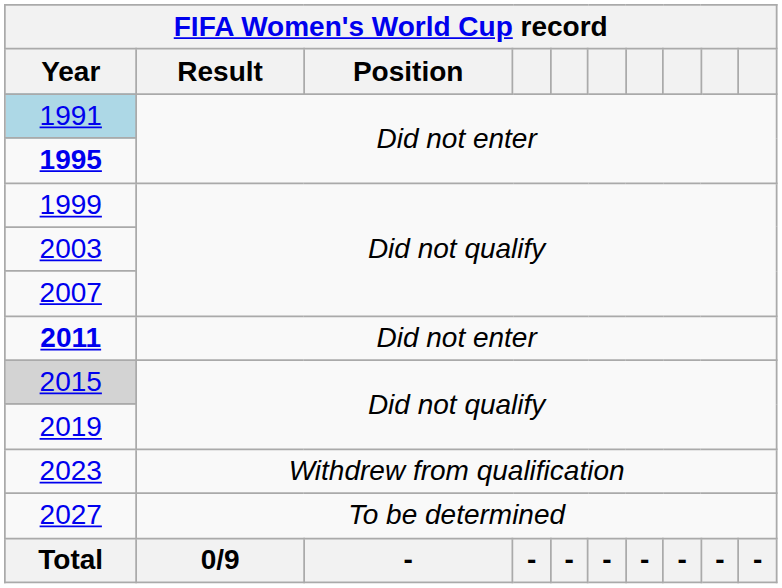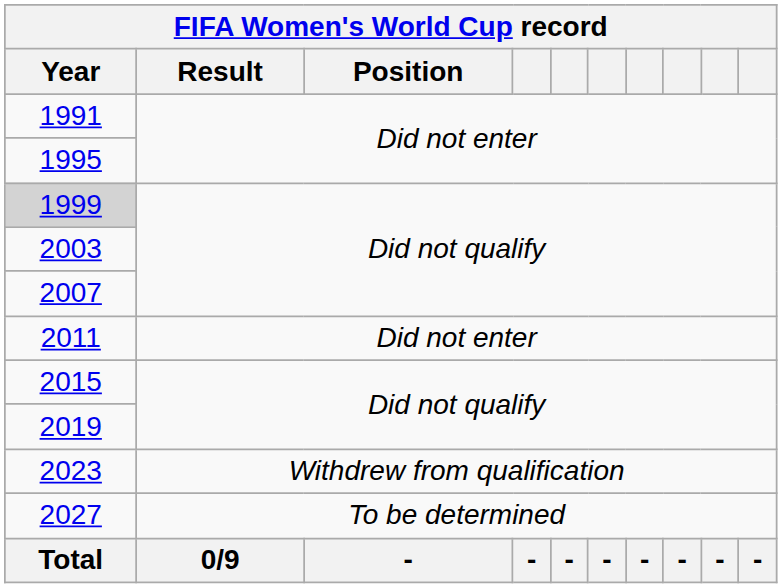 <table class="wikitable" style="text-align: center; width:50%;">
 <tr>
 <th colspan="10" #0000FF;><a href='#'>FIFA Women's World Cup</a> record</th>
 </tr>
 <tr>
 <th>Year</th>
 <th>Result</th>
 <th>Position</th>
 <th></th>
 <th></th>
 <th></th>
 <th></th>
 <th></th>
 <th></th>
 <th></th>
 </tr>
 <tr>
-<td style="background: lightblue;"> <a href='#'>1991</a></td>
+<td> <a href='#'>1991</a></td>
 <td colspan=9 rowspan=2><em>Did not enter</em></td>
 </tr>
 <tr>
-<td><strong> <a href='#'>1995</a></strong></td>
+<td> <a href='#'>1995</a></td>
 </tr>
 <tr>
-<td> <a href='#'>1999</a></td>
+<td style="background: lightgrey;"> <a href='#'>1999</a></td>
 <td colspan=9 rowspan=3><em>Did not qualify</em></td>
 </tr>
 <tr>
 <td> <a href='#'>2003</a></td>
 </tr>
 <tr>
 <td> <a href='#'>2007</a></td>
 </tr>
 <tr>
-<td><strong> <a href='#'>2011</a></strong></td>
+<td> <a href='#'>2011</a></td>
 <td colspan=9><em>Did not enter</em></td>
 </tr>
 <tr>
-<td style="background: lightgrey;"> <a href='#'>2015</a></td>
+<td> <a href='#'>2015</a></td>
 <td colspan=9 rowspan=2><em>Did not qualify</em></td>
 </tr>
 <tr>
 <td> <a href='#'>2019</a></td>
 </tr>
 <tr>
 <td> <a href='#'>2023</a></td>
 <td colspan=9><em>Withdrew from qualification</em></td>
 </tr>
 <tr>
 <td> <a href='#'>2027</a></td>
 <td colspan=9><em>To be determined</em></td>
 </tr>
 <tr>
 <th><strong>Total</strong></th>
 <th>0/9</th>
 <th>-</th>
 <th>-</th>
 <th>-</th>
 <th>-</th>
 <th>-</th>
 <th>-</th>
 <th>-</th>
 <th>-</th>
 </tr>
 </table>
